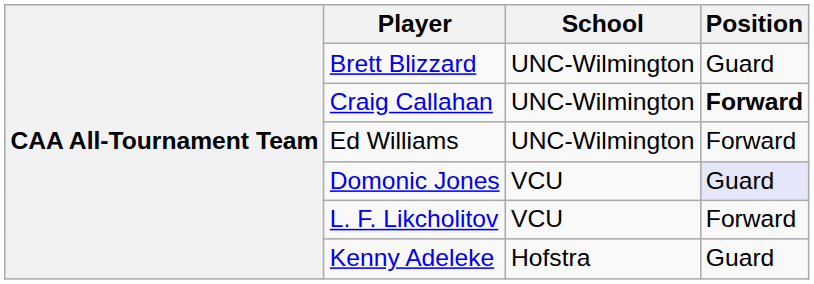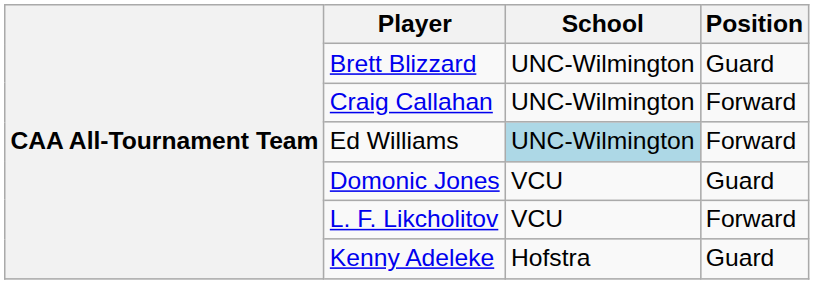 <table class="wikitable" border="1">
 <tr>
 <th rowspan=7 valign=middle>CAA All-Tournament Team</th>
 <th>Player</th>
 <th>School</th>
 <th>Position</th>
 </tr>
 <tr>
 <td><a href='#'>Brett Blizzard</a></td>
 <td>UNC-Wilmington</td>
 <td>Guard</td>
 </tr>
 <tr>
 <td><a href='#'>Craig Callahan</a></td>
 <td>UNC-Wilmington</td>
-<td><strong>Forward</strong></td>
+<td>Forward</td>
 </tr>
 <tr>
 <td>Ed Williams</td>
-<td>UNC-Wilmington</td>
+<td style="background: lightblue;">UNC-Wilmington</td>
 <td>Forward</td>
 </tr>
 <tr>
 <td><a href='#'>Domonic Jones</a></td>
 <td>VCU</td>
-<td style="background: lavender;">Guard</td>
+<td>Guard</td>
 </tr>
 <tr>
 <td><a href='#'>L. F. Likcholitov</a></td>
 <td>VCU</td>
 <td>Forward</td>
 </tr>
 <tr>
 <td><a href='#'>Kenny Adeleke</a></td>
 <td>Hofstra</td>
 <td>Guard</td>
 </tr>
 </table>
